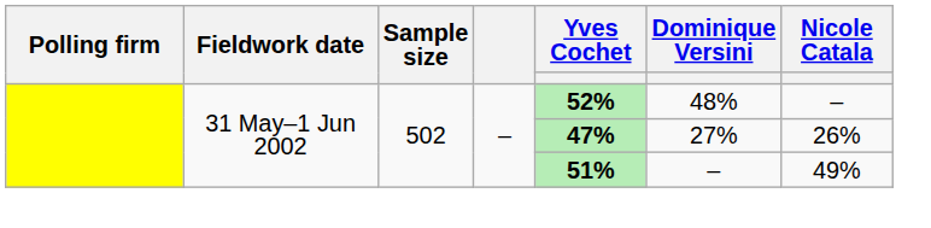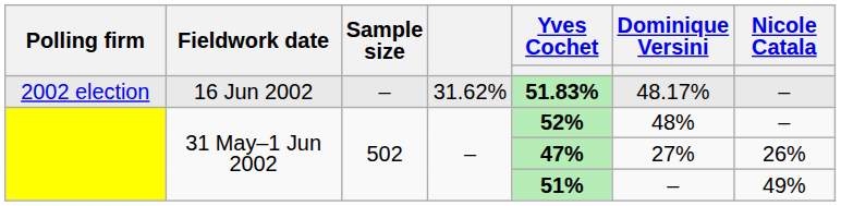 <table class="wikitable sortable" style="text-align:center;font-size:90%;line-height:14px;">
 <tr style="height:40px;">
 <th style="width:100px;" rowspan="2">Polling firm</th>
 <th style="width:110px;" rowspan="2">Fieldwork date</th>
 <th style="width:35px;" rowspan="2">Sample<br>size</th>
 <th style="width:30px;" rowspan="2"></th>
 <th class="unsortable" style="width:60px;"><a href='#'>Yves Cochet</a><br></th>
 <th class="unsortable" style="width:60px;"><a href='#'>Dominique Versini</a><br></th>
 <th class="unsortable" style="width:60px;"><a href='#'>Nicole Catala</a><br></th>
 </tr>
 <tr>
 <th style="background:"></th>
 <th style="background:"></th>
 <th style="background:"></th>
+</tr>
+<tr style="background:#E9E9E9;">
+<td><a href='#'>2002 election</a></td>
+<td data-sort-value="2002-06-16">16 Jun 2002</td>
+<td>–</td>
+<td>31.62%</td>
+<td style="background:#B6EDB6;"><strong>51.83%</strong></td>
+<td>48.17%</td>
+<td>–</td>
 </tr>
 <tr>
 <td rowspan="3" style="background:yellow;"></td>
 <td rowspan="3" data-sort-value="2002-06-01">31 May–1 Jun 2002</td>
 <td rowspan="3">502</td>
 <td rowspan="3">–</td>
 <td style="background:#B6EDB6;"><strong>52%</strong></td>
 <td>48%</td>
 <td>–</td>
 </tr>
 <tr>
 <td style="background:#B6EDB6;"><strong>47%</strong></td>
 <td>27%</td>
 <td>26%</td>
 </tr>
 <tr>
 <td style="background:#B6EDB6;"><strong>51%</strong></td>
 <td>–</td>
 <td>49%</td>
 </tr>
 </table>
